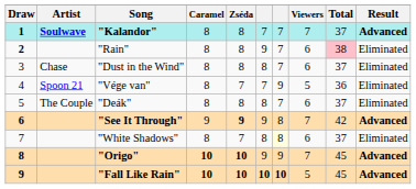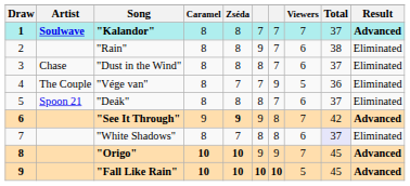 <table class="sortable wikitable" style="margin: 1em auto 1em auto; text-align:center">
 <tr>
 </tr>
 <tr>
 <th>Draw</th>
 <th>Artist</th>
 <th>Song</th>
 <th><small>Caramel</small></th>
 <th><small>Zséda</small></th>
 <th><small></small></th>
 <th><small></small></th>
 <th><small>Viewers</small></th>
 <th>Total</th>
 <th>Result</th>
 </tr>
 <tr style="background:paleturquoise;">
 <td><strong>1</strong></td>
 <td align="left"><strong><a href='#'>Soulwave</a></strong></td>
 <td align="left"><strong>"Kalandor"</strong></td>
 <td>8</td>
 <td>8</td>
 <td>7</td>
 <td>7</td>
 <td>7</td>
 <td>37</td>
 <td><strong>Advanced</strong></td>
 </tr>
 <tr>
-<td><strong>2</strong></td>
+<td>2</td>
 <td align="left"></td>
 <td align="left">"Rain"</td>
 <td>8</td>
 <td>8</td>
 <td>9</td>
 <td>7</td>
 <td>6</td>
-<td style="background: pink;">38</td>
+<td>38</td>
 <td>Eliminated</td>
 </tr>
 <tr>
 <td>3</td>
 <td align="left">Chase</td>
 <td align="left">"Dust in the Wind"</td>
 <td>8</td>
 <td>8</td>
 <td>8</td>
 <td>7</td>
 <td>6</td>
 <td>37</td>
 <td>Eliminated</td>
 </tr>
 <tr>
 <td>4</td>
-<td align="left"><a href='#'>Spoon 21</a></td>
+<td data-sort-value="Couple, The">The Couple</td>
 <td align="left">"Vége van"</td>
 <td>8</td>
 <td>7</td>
 <td>7</td>
 <td>9</td>
 <td>5</td>
 <td>36</td>
 <td>Eliminated</td>
 </tr>
 <tr>
 <td>5</td>
-<td data-sort-value="Couple, The">The Couple</td>
+<td align="left"><a href='#'>Spoon 21</a></td>
 <td align="left">"Deák"</td>
 <td>8</td>
 <td>8</td>
 <td>8</td>
 <td>7</td>
 <td>6</td>
 <td>37</td>
 <td>Eliminated</td>
 </tr>
 <tr style="background:navajowhite;">
 <td><strong>6</strong></td>
 <td align="left"><strong></strong></td>
 <td align="left"><strong>"See It Through"</strong></td>
 <td>9</td>
 <td><strong>9</strong></td>
 <td>9</td>
 <td>8</td>
 <td>7</td>
 <td>42</td>
 <td><strong>Advanced</strong></td>
 </tr>
 <tr>
 <td>7</td>
 <td align="left"></td>
 <td align="left">"White Shadows"</td>
 <td>8</td>
 <td>7</td>
 <td>8</td>
-<td style="background: lightyellow;">8</td>
+<td>8</td>
 <td>6</td>
-<td>37</td>
+<td style="background: lavender;">37</td>
 <td>Eliminated</td>
 </tr>
 <tr style="background:navajowhite;">
 <td><strong>8</strong></td>
 <td align="left"><strong></strong></td>
 <td align="left"><strong>"Origo"</strong></td>
 <td><strong>10</strong></td>
 <td><strong>10</strong></td>
 <td>9</td>
 <td>9</td>
 <td>7</td>
 <td>45</td>
 <td><strong>Advanced</strong></td>
 </tr>
 <tr style="background:navajowhite;">
 <td><strong>9</strong></td>
 <td align="left"><strong></strong></td>
 <td align="left"><strong>"Fall Like Rain"</strong></td>
 <td><strong>10</strong></td>
 <td><strong>10</strong></td>
 <td><strong>10</strong></td>
 <td><strong>10</strong></td>
 <td>5</td>
 <td>45</td>
 <td><strong>Advanced</strong></td>
 </tr>
 </table>
